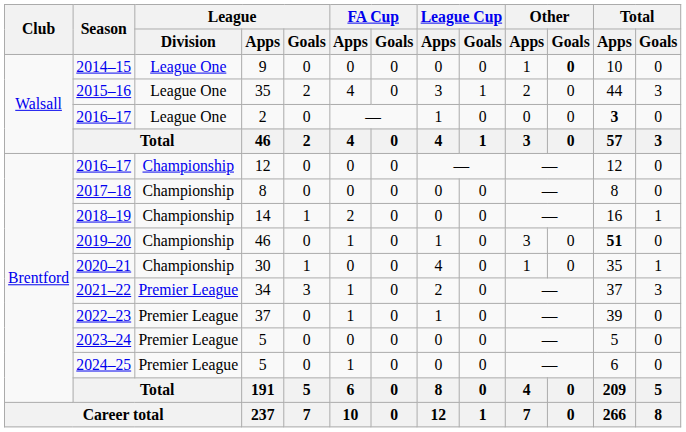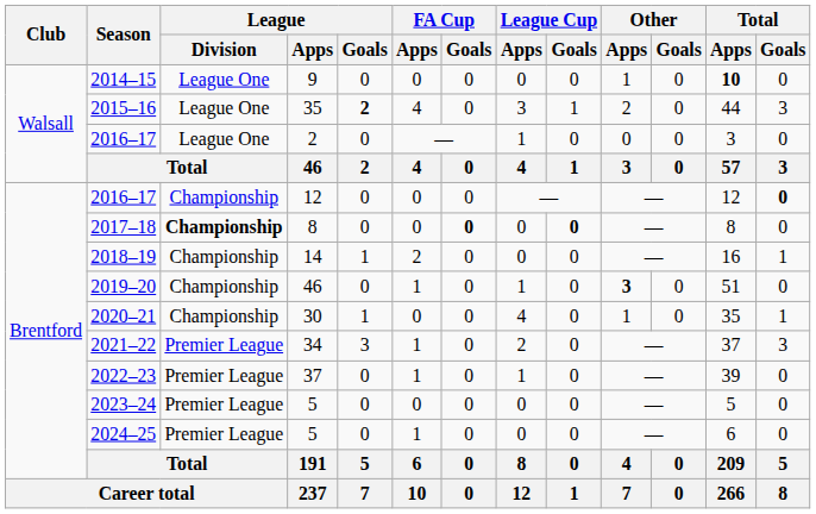 <table class=wikitable style=text-align:center>
 <tr>
 <th rowspan=2>Club</th>
 <th rowspan=2>Season</th>
 <th colspan=3>League</th>
 <th colspan=2><a href='#'>FA Cup</a></th>
 <th colspan=2><a href='#'>League Cup</a></th>
 <th colspan=2>Other</th>
 <th colspan=2>Total</th>
 </tr>
 <tr>
 <th>Division</th>
 <th>Apps</th>
 <th>Goals</th>
 <th>Apps</th>
 <th>Goals</th>
 <th>Apps</th>
 <th>Goals</th>
 <th>Apps</th>
 <th>Goals</th>
 <th>Apps</th>
 <th>Goals</th>
 </tr>
 <tr>
 <td rowspan=4><a href='#'>Walsall</a></td>
 <td><a href='#'>2014–15</a></td>
 <td><a href='#'>League One</a></td>
 <td>9</td>
 <td>0</td>
 <td>0</td>
 <td>0</td>
 <td>0</td>
 <td>0</td>
 <td>1</td>
-<td><strong>0</strong></td>
-<td>10</td>
+<td>0</td>
+<td><strong>10</strong></td>
 <td>0</td>
 </tr>
 <tr>
 <td><a href='#'>2015–16</a></td>
 <td>League One</td>
 <td>35</td>
-<td>2</td>
+<td><strong>2</strong></td>
 <td>4</td>
 <td>0</td>
 <td>3</td>
 <td>1</td>
 <td>2</td>
 <td>0</td>
 <td>44</td>
 <td>3</td>
 </tr>
 <tr>
 <td><a href='#'>2016–17</a></td>
 <td>League One</td>
 <td>2</td>
 <td>0</td>
 <td colspan=2>—</td>
 <td>1</td>
 <td>0</td>
 <td>0</td>
 <td>0</td>
-<td><strong>3</strong></td>
+<td>3</td>
 <td>0</td>
 </tr>
 <tr>
 <th colspan=2>Total</th>
 <th>46</th>
 <th>2</th>
 <th>4</th>
 <th>0</th>
 <th>4</th>
 <th>1</th>
 <th>3</th>
 <th>0</th>
 <th>57</th>
 <th>3</th>
 </tr>
 <tr>
 <td rowspan="10"><a href='#'>Brentford</a></td>
 <td><a href='#'>2016–17</a></td>
 <td><a href='#'>Championship</a></td>
 <td>12</td>
 <td>0</td>
 <td>0</td>
 <td>0</td>
 <td colspan=2>—</td>
 <td colspan=2>—</td>
 <td>12</td>
-<td>0</td>
+<td><strong>0</strong></td>
 </tr>
 <tr>
 <td><a href='#'>2017–18</a></td>
-<td>Championship</td>
+<td><strong>Championship</strong></td>
 <td>8</td>
 <td>0</td>
 <td>0</td>
+<td><strong>0</strong></td>
 <td>0</td>
-<td>0</td>
-<td>0</td>
+<td><strong>0</strong></td>
 <td colspan=2>—</td>
 <td>8</td>
 <td>0</td>
 </tr>
 <tr>
 <td><a href='#'>2018–19</a></td>
 <td>Championship</td>
 <td>14</td>
 <td>1</td>
 <td>2</td>
 <td>0</td>
 <td>0</td>
 <td>0</td>
 <td colspan=2>—</td>
 <td>16</td>
 <td>1</td>
 </tr>
 <tr>
 <td><a href='#'>2019–20</a></td>
 <td>Championship</td>
 <td>46</td>
 <td>0</td>
 <td>1</td>
 <td>0</td>
 <td>1</td>
 <td>0</td>
-<td>3</td>
+<td><strong>3</strong></td>
 <td>0</td>
-<td><strong>51</strong></td>
+<td>51</td>
 <td>0</td>
 </tr>
 <tr>
 <td><a href='#'>2020–21</a></td>
 <td>Championship</td>
 <td>30</td>
 <td>1</td>
 <td>0</td>
 <td>0</td>
 <td>4</td>
 <td>0</td>
 <td>1</td>
 <td>0</td>
 <td>35</td>
 <td>1</td>
 </tr>
 <tr>
 <td><a href='#'>2021–22</a></td>
 <td><a href='#'>Premier League</a></td>
 <td>34</td>
 <td>3</td>
 <td>1</td>
 <td>0</td>
 <td>2</td>
 <td>0</td>
 <td colspan=2>—</td>
 <td>37</td>
 <td>3</td>
 </tr>
 <tr>
 <td><a href='#'>2022–23</a></td>
 <td>Premier League</td>
 <td>37</td>
 <td>0</td>
 <td>1</td>
 <td>0</td>
 <td>1</td>
 <td>0</td>
 <td colspan=2>—</td>
 <td>39</td>
 <td>0</td>
 </tr>
 <tr>
 <td><a href='#'>2023–24</a></td>
 <td>Premier League</td>
 <td>5</td>
 <td>0</td>
 <td>0</td>
 <td>0</td>
 <td>0</td>
 <td>0</td>
 <td colspan=2>—</td>
 <td>5</td>
 <td>0</td>
 </tr>
 <tr>
 <td><a href='#'>2024–25</a></td>
 <td>Premier League</td>
 <td>5</td>
 <td>0</td>
 <td>1</td>
 <td>0</td>
 <td>0</td>
 <td>0</td>
 <td colspan=2>—</td>
 <td>6</td>
 <td>0</td>
 </tr>
 <tr>
 <th colspan="2">Total</th>
 <th>191</th>
 <th>5</th>
 <th>6</th>
 <th>0</th>
 <th>8</th>
 <th>0</th>
 <th>4</th>
 <th>0</th>
 <th>209</th>
 <th>5</th>
 </tr>
 <tr>
 <th colspan=3>Career total</th>
 <th>237</th>
 <th>7</th>
 <th>10</th>
 <th>0</th>
 <th>12</th>
 <th>1</th>
 <th>7</th>
 <th>0</th>
 <th>266</th>
 <th>8</th>
 </tr>
 </table>
